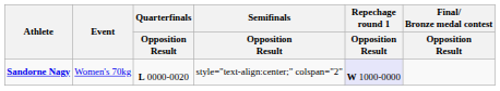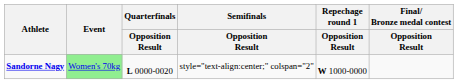 <table class=wikitable style="font-size:90%">
 <tr>
 <th rowspan="2">Athlete</th>
 <th rowspan="2">Event</th>
 <th>Quarterfinals</th>
 <th>Semifinals</th>
 <th>Repechage <br>round 1</th>
 <th>Final/<br>Bronze medal contest</th>
 </tr>
 <tr>
 <th>Opposition<br>Result</th>
 <th>Opposition<br>Result</th>
 <th>Opposition<br>Result</th>
 <th>Opposition<br>Result</th>
 </tr>
 <tr>
 <td><strong><a href='#'>Sandorne Nagy</a></strong></td>
-<td style="text-align:center;"><a href='#'>Women's 70kg</a></td>
+<td style="background: lightgreen; text-align:center;"><a href='#'>Women's 70kg</a></td>
 <td style="text-align:center;"><br><strong>L</strong> 0000-0020</td>
 <td>style="text-align:center;" colspan="2" </td>
-<td style="background: lavender; text-align:center;"><br> <strong>W</strong> 1000-0000 </td>
+<td style="text-align:center;"><br> <strong>W</strong> 1000-0000 </td>
 </tr>
 </table>
